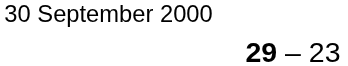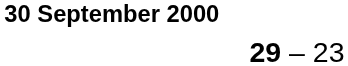 <table style="text-align:center" width=400>
 <tr>
 <th width=15%></th>
 <th width=10%></th>
 <th width=15%></th>
 <th width=10%></th>
 </tr>
 <tr align="left">
-<td><small>30 September 2000</small></td>
+<td><strong><small>30 September 2000</small></strong></td>
 </tr>
 <tr>
 <td align="right"><strong></strong></td>
 <td><strong>29</strong> – 23</td>
 <td align="left"></td>
 <td></td>
 </tr>
 </table>
